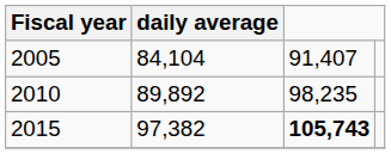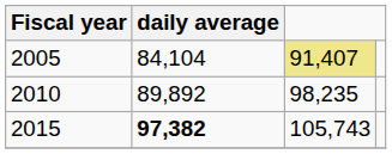 <table class="wikitable">
 <tr>
 <th>Fiscal year</th>
 <th>daily average</th>
 </tr>
 <tr>
 <td>2005</td>
 <td>84,104</td>
-<td>91,407</td>
+<td style="background: khaki;">91,407</td>
 <td></td>
 </tr>
 <tr>
 <td>2010</td>
 <td>89,892</td>
 <td>98,235</td>
 <td></td>
 </tr>
 <tr>
 <td>2015</td>
-<td>97,382</td>
-<td><strong>105,743</strong></td>
+<td><strong>97,382</strong></td>
+<td>105,743</td>
 <td></td>
 </tr>
 <tr>
 </tr>
 </table>
